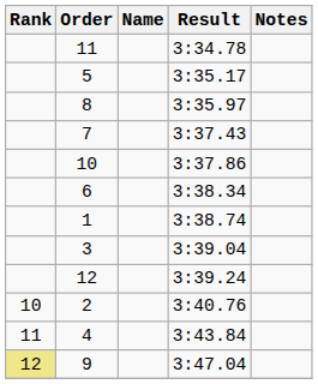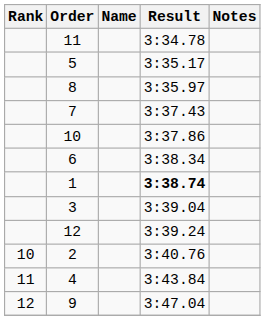 <table class="wikitable sortable" style="text-align:center">
 <tr>
 <th>Rank</th>
 <th>Order</th>
 <th>Name</th>
 <th>Result</th>
 <th>Notes</th>
 </tr>
 <tr>
 <td></td>
 <td>11</td>
 <td align="left"></td>
 <td>3:34.78</td>
 <td></td>
 </tr>
 <tr>
 <td></td>
 <td>5</td>
 <td align="left"></td>
 <td>3:35.17</td>
 <td></td>
 </tr>
 <tr>
 <td></td>
 <td>8</td>
 <td align="left"></td>
 <td>3:35.97</td>
 <td></td>
 </tr>
 <tr>
 <td></td>
 <td>7</td>
 <td align="left"></td>
 <td>3:37.43</td>
 <td></td>
 </tr>
 <tr>
 <td></td>
 <td>10</td>
 <td align="left"></td>
 <td>3:37.86</td>
 <td></td>
 </tr>
 <tr>
 <td></td>
 <td>6</td>
 <td align="left"></td>
 <td>3:38.34</td>
 <td></td>
 </tr>
 <tr>
 <td></td>
 <td>1</td>
 <td align="left"></td>
-<td>3:38.74</td>
+<td><strong>3:38.74</strong></td>
 <td></td>
 </tr>
 <tr>
 <td></td>
 <td>3</td>
 <td align="left"></td>
 <td>3:39.04</td>
 <td></td>
 </tr>
 <tr>
 <td></td>
 <td>12</td>
 <td align="left"></td>
 <td>3:39.24</td>
 <td></td>
 </tr>
 <tr>
 <td>10</td>
 <td>2</td>
 <td align="left"></td>
 <td>3:40.76</td>
 <td></td>
 </tr>
 <tr>
 <td>11</td>
 <td>4</td>
 <td align="left"></td>
 <td>3:43.84</td>
 <td></td>
 </tr>
 <tr>
-<td style="background: khaki;">12</td>
+<td>12</td>
 <td>9</td>
 <td align="left"></td>
 <td>3:47.04</td>
 <td></td>
 </tr>
 <tr>
 </tr>
 </table>
